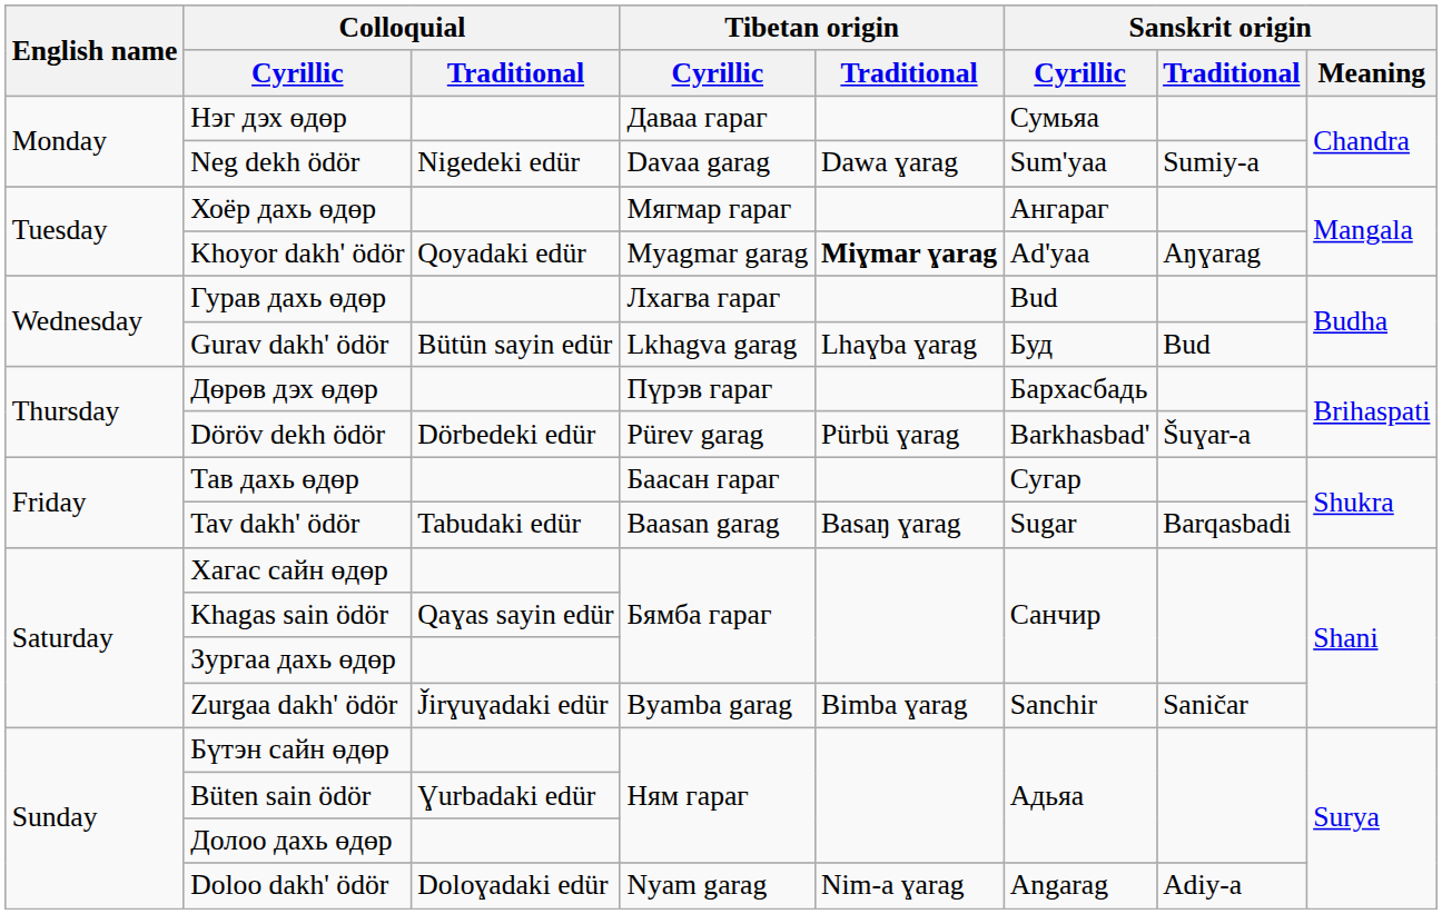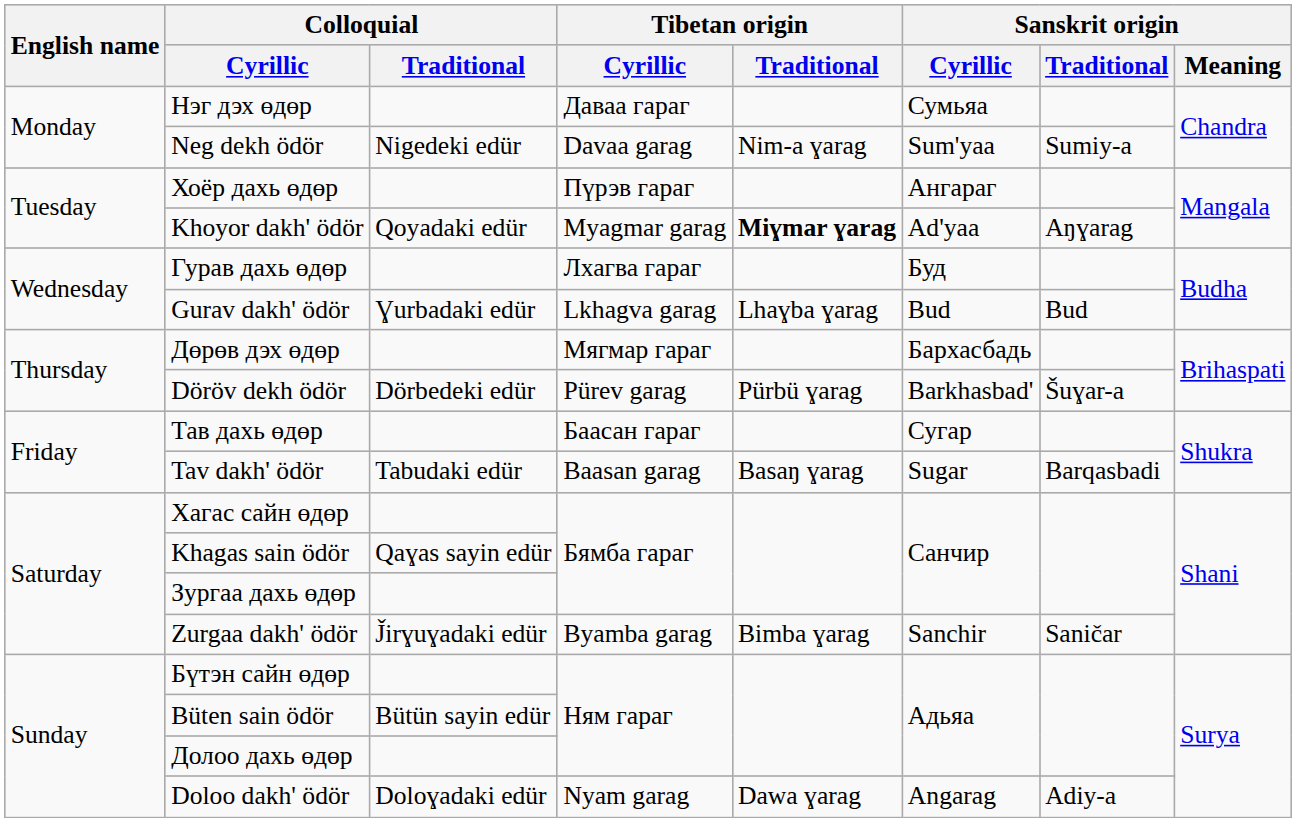 <table class="wikitable">
 <tr>
 <th rowspan=2>English name</th>
 <th colspan=2>Colloquial</th>
 <th colspan=2>Tibetan origin</th>
 <th colspan=3>Sanskrit origin</th>
 </tr>
 <tr>
 <th><a href='#'>Cyrillic</a></th>
 <th><a href='#'>Traditional</a></th>
 <th><a href='#'>Cyrillic</a></th>
 <th><a href='#'>Traditional</a></th>
 <th><a href='#'>Cyrillic</a></th>
 <th><a href='#'>Traditional</a></th>
 <th>Meaning</th>
 </tr>
 <tr>
 <td rowspan=2>Monday</td>
 <td>Нэг дэх өдөр</td>
 <td></td>
 <td>Даваа гараг</td>
 <td></td>
 <td>Сумьяа</td>
 <td></td>
 <td rowspan=2><a href='#'>Chandra</a></td>
 </tr>
 <tr>
 <td>Neg dekh ödör</td>
 <td>Nigedeki edür</td>
 <td>Davaa garag</td>
-<td>Dawa ɣarag</td>
+<td>Nim-a ɣarag</td>
 <td>Sum'yaa</td>
 <td>Sumiy-a</td>
 </tr>
 <tr>
 <td rowspan=2>Tuesday</td>
 <td>Хоёр дахь өдөр</td>
 <td></td>
-<td>Мягмар гараг</td>
+<td>Пүрэв гараг</td>
 <td></td>
 <td>Ангараг</td>
 <td></td>
 <td rowspan=2><a href='#'>Mangala</a></td>
 </tr>
 <tr>
 <td>Khoyor dakh' ödör</td>
 <td>Qoyadaki edür</td>
 <td>Myagmar garag</td>
 <td><strong>Miɣmar ɣarag</strong></td>
 <td>Ad'yaa</td>
 <td>Aŋɣarag</td>
 </tr>
 <tr>
 <td rowspan=2>Wednesday</td>
 <td>Гурав дахь өдөр</td>
 <td></td>
 <td>Лхагва гараг</td>
 <td></td>
-<td>Bud</td>
+<td>Буд</td>
 <td></td>
 <td rowspan=2><a href='#'>Budha</a></td>
 </tr>
 <tr>
 <td>Gurav dakh' ödör</td>
-<td>Bütün sayin edür</td>
+<td>Ɣurbadaki edür</td>
 <td>Lkhagva garag</td>
 <td>Lhaɣba ɣarag</td>
-<td>Буд</td>
+<td>Bud</td>
 <td>Bud</td>
 </tr>
 <tr>
 <td rowspan=2>Thursday</td>
 <td>Дөрөв дэх өдөр</td>
 <td></td>
-<td>Пүрэв гараг</td>
+<td>Мягмар гараг</td>
 <td></td>
 <td>Бархасбадь</td>
 <td></td>
 <td rowspan=2><a href='#'>Brihaspati</a></td>
 </tr>
 <tr>
 <td>Döröv dekh ödör</td>
 <td>Dörbedeki edür</td>
 <td>Pürev garag</td>
 <td>Pürbü ɣarag</td>
 <td>Barkhasbad'</td>
 <td>Šuɣar-a</td>
 </tr>
 <tr>
 <td rowspan=2>Friday</td>
 <td>Тав дахь өдөр</td>
 <td></td>
 <td>Баасан гараг</td>
 <td></td>
 <td>Сугар</td>
 <td></td>
 <td rowspan=2><a href='#'>Shukra</a></td>
 </tr>
 <tr>
 <td>Tav dakh' ödör</td>
 <td>Tabudaki edür</td>
 <td>Baasan garag</td>
 <td>Basaŋ ɣarag</td>
 <td>Sugar</td>
 <td>Barqasbadi</td>
 </tr>
 <tr>
 <td rowspan=4>Saturday</td>
 <td>Хагас сайн өдөр</td>
 <td></td>
 <td rowspan=3>Бямба гараг</td>
 <td rowspan=3></td>
 <td rowspan=3>Санчир</td>
 <td rowspan=3></td>
 <td rowspan=4><a href='#'>Shani</a></td>
 </tr>
 <tr>
 <td>Khagas sain ödör</td>
 <td>Qaɣas sayin edür</td>
 </tr>
 <tr>
 <td>Зургаа дахь өдөр</td>
 <td></td>
 </tr>
 <tr>
 <td>Zurgaa dakh' ödör</td>
 <td>J̌irɣuɣadaki edür</td>
 <td>Byamba garag</td>
 <td>Bimba ɣarag</td>
 <td>Sanchir</td>
 <td>Saničar</td>
 </tr>
 <tr>
 <td rowspan=4>Sunday</td>
 <td>Бүтэн сайн өдөр</td>
 <td></td>
 <td rowspan=3>Ням гараг</td>
 <td rowspan=3></td>
 <td rowspan=3>Адьяа</td>
 <td rowspan=3></td>
 <td rowspan=4><a href='#'>Surya</a></td>
 </tr>
 <tr>
 <td>Büten sain ödör</td>
-<td>Ɣurbadaki edür</td>
+<td>Bütün sayin edür</td>
 </tr>
 <tr>
 <td>Долоо дахь өдөр</td>
 <td></td>
 </tr>
 <tr>
 <td>Doloo dakh' ödör</td>
 <td>Doloɣadaki edür</td>
 <td>Nyam garag</td>
-<td>Nim-a ɣarag</td>
+<td>Dawa ɣarag</td>
 <td>Angarag</td>
 <td>Adiy-a</td>
 </tr>
 </table>
